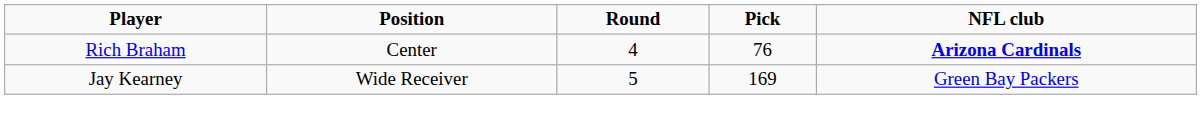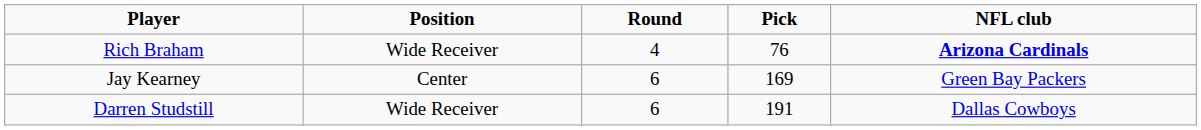 <table class="wikitable" width="80%">
 <tr align="center">
 <td><strong>Player</strong></td>
 <td><strong>Position</strong></td>
 <td><strong>Round</strong></td>
 <td><strong>Pick</strong></td>
 <td><strong>NFL club</strong></td>
 </tr>
 <tr align="center" bgcolor="">
 <td><a href='#'>Rich Braham</a></td>
-<td>Center</td>
+<td>Wide Receiver</td>
 <td>4</td>
 <td>76</td>
 <td><strong><a href='#'>Arizona Cardinals</a></strong></td>
 </tr>
 <tr align="center" bgcolor="">
 <td>Jay Kearney</td>
-<td>Wide Receiver</td>
-<td>5</td>
+<td>Center</td>
+<td>6</td>
 <td>169</td>
 <td><a href='#'>Green Bay Packers</a></td>
 </tr>
+<tr align="center" bgcolor="">
+<td><a href='#'>Darren Studstill</a></td>
+<td>Wide Receiver</td>
+<td>6</td>
+<td>191</td>
+<td><a href='#'>Dallas Cowboys</a></td>
+</tr>
 </table>
